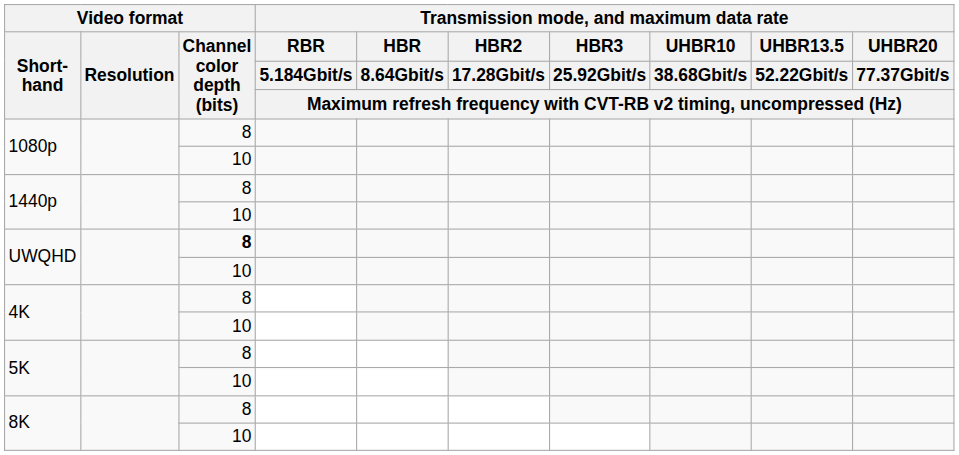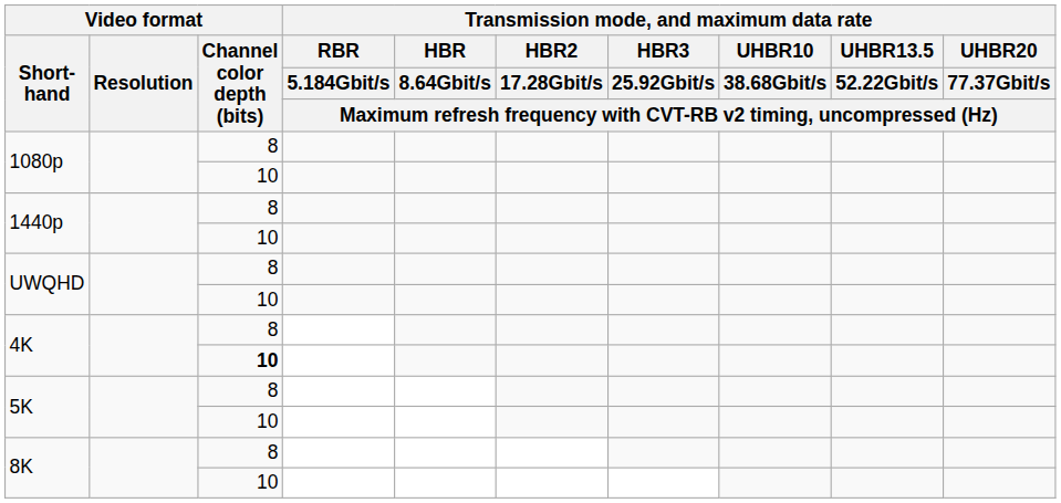 <table class="wikitable">
 <tr>
 <th colspan="3">Video format</th>
 <th colspan="7">Transmission mode, and maximum data rate</th>
 </tr>
 <tr>
 <th rowspan="3">Short-<br>hand</th>
 <th rowspan="3">Resolution</th>
 <th rowspan="3">Channel<br>color<br>depth<br>(bits)</th>
 <th>RBR</th>
 <th>HBR</th>
 <th>HBR2</th>
 <th>HBR3</th>
 <th>UHBR10</th>
 <th>UHBR13.5</th>
 <th>UHBR20</th>
 </tr>
 <tr>
 <th>5.184Gbit/s</th>
 <th>8.64Gbit/s</th>
 <th>17.28Gbit/s</th>
 <th>25.92Gbit/s</th>
 <th>38.68Gbit/s</th>
 <th>52.22Gbit/s</th>
 <th>77.37Gbit/s</th>
 </tr>
 <tr>
 <th colspan="7">Maximum refresh frequency with CVT-RB v2 timing, uncompressed (Hz)</th>
 </tr>
 <tr>
 <td rowspan="2">1080p</td>
 <td rowspan="2"></td>
 <td style="text-align:right;">8</td>
 <td></td>
 <td></td>
 <td></td>
 <td></td>
 <td></td>
 <td></td>
 <td></td>
 </tr>
 <tr>
 <td style="text-align:right;">10</td>
 <td></td>
 <td></td>
 <td></td>
 <td></td>
 <td></td>
 <td></td>
 <td></td>
 </tr>
 <tr>
 <td rowspan="2">1440p</td>
 <td rowspan="2"></td>
 <td style="text-align:right;">8</td>
 <td></td>
 <td></td>
 <td></td>
 <td></td>
 <td></td>
 <td></td>
 <td></td>
 </tr>
 <tr>
 <td style="text-align:right;">10</td>
 <td></td>
 <td></td>
 <td></td>
 <td></td>
 <td></td>
 <td></td>
 <td></td>
 </tr>
 <tr>
 <td rowspan="2">UWQHD</td>
 <td rowspan="2"></td>
-<td style="text-align:right;"><strong>8</strong></td>
+<td style="text-align:right;">8</td>
 <td></td>
 <td></td>
 <td></td>
 <td></td>
 <td></td>
 <td></td>
 <td></td>
 </tr>
 <tr>
 <td style="text-align:right;">10</td>
 <td></td>
 <td></td>
 <td></td>
 <td></td>
 <td></td>
 <td></td>
 <td></td>
 </tr>
 <tr>
 <td rowspan="2">4K</td>
 <td rowspan="2"></td>
 <td style="text-align:right;">8</td>
 <td style="background:white;"></td>
 <td></td>
 <td></td>
 <td></td>
 <td></td>
 <td></td>
 <td></td>
 </tr>
 <tr>
-<td style="text-align:right;">10</td>
+<td style="text-align:right;"><strong>10</strong></td>
 <td style="background:white;"></td>
 <td></td>
 <td></td>
 <td></td>
 <td></td>
 <td></td>
 <td></td>
 </tr>
 <tr>
 <td rowspan="2">5K</td>
 <td rowspan="2"></td>
 <td style="text-align:right;">8</td>
 <td style="background:white;"></td>
 <td style="background:white;"></td>
 <td></td>
 <td></td>
 <td></td>
 <td></td>
 <td></td>
 </tr>
 <tr>
 <td style="text-align:right;">10</td>
 <td style="background:white;"></td>
 <td style="background:white;"></td>
 <td></td>
 <td></td>
 <td></td>
 <td></td>
 <td></td>
 </tr>
 <tr>
 <td rowspan="2">8K</td>
 <td rowspan="2"></td>
 <td style="text-align:right;">8</td>
 <td style="background:white;"></td>
 <td style="background:white;"></td>
 <td style="background:white;"></td>
 <td></td>
 <td></td>
 <td></td>
 <td></td>
 </tr>
 <tr>
 <td style="text-align:right;">10</td>
 <td style="background:white;"></td>
 <td style="background:white;"></td>
 <td style="background:white;"></td>
 <td style="background:white;"></td>
 <td></td>
 <td></td>
 <td></td>
 </tr>
 </table>
